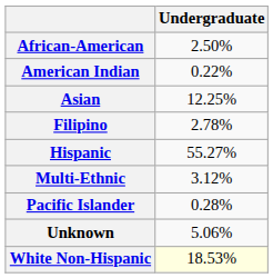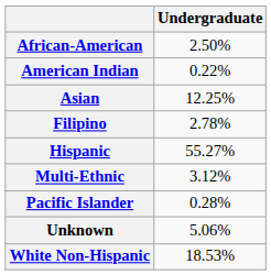 <table style="text-align:center; float: right; font-size:85%; margin-left: 2em;" align="center" class="wikitable">
 <tr>
 <th></th>
 <th>Undergraduate</th>
 </tr>
 <tr>
 <th><a href='#'>African-American</a></th>
 <td>2.50%</td>
 </tr>
 <tr>
 <th><a href='#'>American Indian</a></th>
 <td>0.22%</td>
 </tr>
 <tr>
 <th><a href='#'>Asian</a></th>
 <td>12.25%</td>
 </tr>
 <tr>
 <th><a href='#'>Filipino</a></th>
 <td>2.78%</td>
 </tr>
 <tr>
 <th><a href='#'>Hispanic</a></th>
 <td>55.27%</td>
 </tr>
 <tr>
 <th><a href='#'>Multi-Ethnic</a></th>
 <td>3.12%</td>
 </tr>
 <tr>
 <th><a href='#'>Pacific Islander</a></th>
 <td>0.28%</td>
 </tr>
 <tr>
 <th>Unknown</th>
 <td>5.06%</td>
 </tr>
 <tr>
 <th><a href='#'>White Non-Hispanic</a></th>
-<td style="background: lightyellow;">18.53%</td>
+<td>18.53%</td>
 </tr>
 </table>
